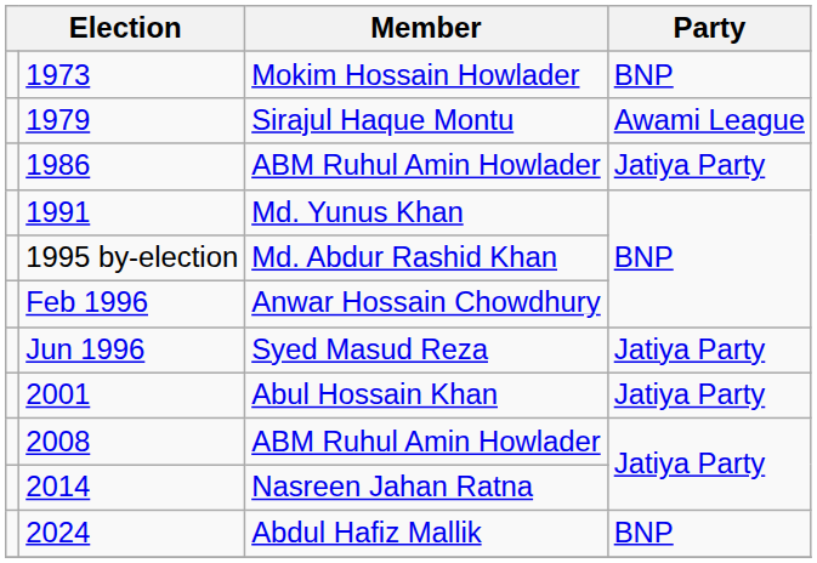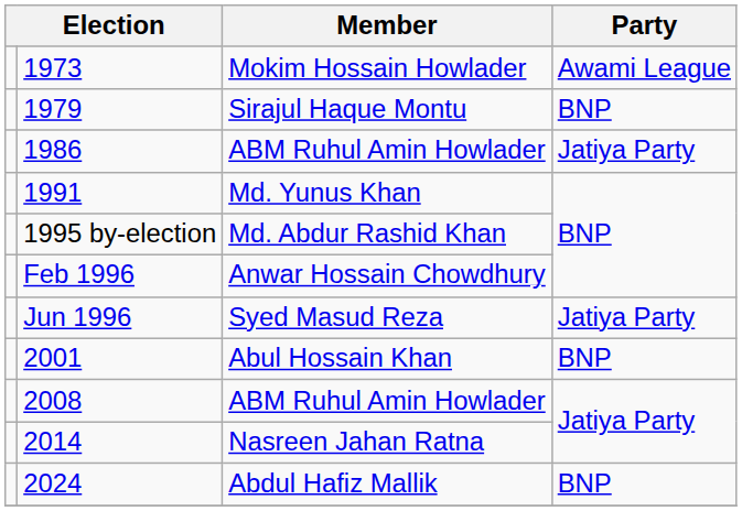 <table class="wikitable">
 <tr>
 <th colspan="2">Election</th>
 <th>Member</th>
 <th>Party</th>
 </tr>
 <tr>
 <td style="background-color:"></td>
 <td><a href='#'>1973</a></td>
 <td><a href='#'>Mokim Hossain Howlader</a></td>
-<td><a href='#'>BNP</a></td>
+<td><a href='#'>Awami League</a></td>
 </tr>
 <tr>
 <td style="background-color:"></td>
 <td><a href='#'>1979</a></td>
 <td><a href='#'>Sirajul Haque Montu</a></td>
-<td><a href='#'>Awami League</a></td>
+<td><a href='#'>BNP</a></td>
 </tr>
 <tr>
 <td style="background-color:"></td>
 <td><a href='#'>1986</a></td>
 <td><a href='#'>ABM Ruhul Amin Howlader</a></td>
 <td><a href='#'>Jatiya Party</a></td>
 </tr>
 <tr>
 <td style="background-color:"></td>
 <td><a href='#'>1991</a></td>
 <td><a href='#'>Md. Yunus Khan</a></td>
 <td rowspan="3"><a href='#'>BNP</a></td>
 </tr>
 <tr>
 <td style="background-color:"></td>
 <td>1995 by-election</td>
 <td><a href='#'>Md. Abdur Rashid Khan</a></td>
 </tr>
 <tr>
 <td style="background-color:"></td>
 <td><a href='#'>Feb 1996</a></td>
 <td><a href='#'>Anwar Hossain Chowdhury</a></td>
 </tr>
 <tr>
 <td style="background-color:"></td>
 <td><a href='#'>Jun 1996</a></td>
 <td><a href='#'>Syed Masud Reza</a></td>
 <td><a href='#'>Jatiya Party</a></td>
 </tr>
 <tr>
 <td style="background-color:"></td>
 <td><a href='#'>2001</a></td>
 <td><a href='#'>Abul Hossain Khan</a></td>
-<td><a href='#'>Jatiya Party</a></td>
+<td><a href='#'>BNP</a></td>
 </tr>
 <tr>
 <td style="background-color:"></td>
 <td><a href='#'>2008</a></td>
 <td><a href='#'>ABM Ruhul Amin Howlader</a></td>
 <td rowspan="2"><a href='#'>Jatiya Party</a></td>
 </tr>
 <tr>
 <td style="background-color:"></td>
 <td><a href='#'>2014</a></td>
 <td><a href='#'>Nasreen Jahan Ratna</a></td>
 </tr>
 <tr>
 <td style="background-color:"></td>
 <td><a href='#'>2024</a></td>
 <td><a href='#'>Abdul Hafiz Mallik</a></td>
 <td><a href='#'>BNP</a></td>
 </tr>
 <tr>
 </tr>
 </table>
